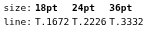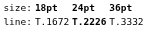 <table style="margin-left:40px;">
 <tr>
 <td>size:</td>
 <td><strong>18pt</strong></td>
 <td><strong>24pt</strong></td>
 <td><strong>36pt</strong></td>
 </tr>
 <tr>
 <td>line:</td>
 <td>T.1672</td>
-<td>T.2226</td>
+<td><strong>T.2226</strong></td>
 <td>T.3332</td>
 </tr>
 </table>
